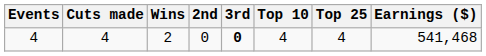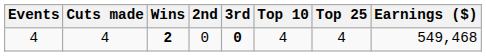 <table class="wikitable" style="text-align:center; font-size:95%">
 <tr>
 <th>Events</th>
 <th>Cuts made</th>
 <th>Wins</th>
 <th>2nd</th>
 <th>3rd</th>
 <th>Top 10</th>
 <th>Top 25</th>
 <th>Earnings ($)</th>
 </tr>
 <tr>
 <td>4</td>
 <td>4</td>
-<td>2</td>
+<td><strong>2</strong></td>
 <td>0</td>
 <td><strong>0</strong></td>
 <td>4</td>
 <td>4</td>
-<td align=right>541,468</td>
+<td align=right>549,468</td>
 </tr>
 </table>
